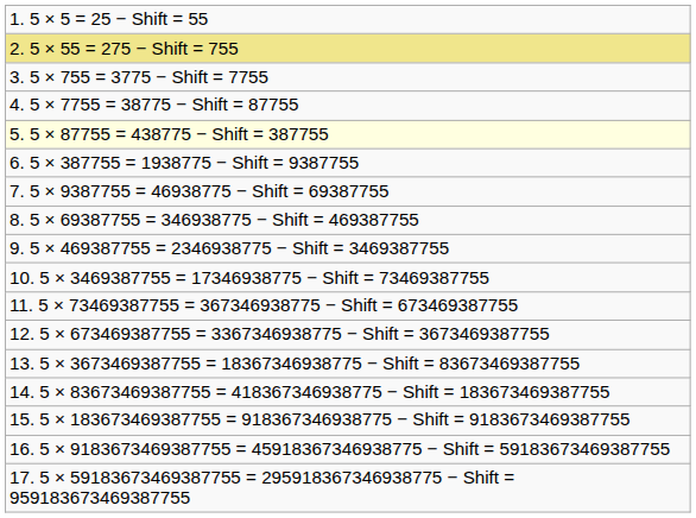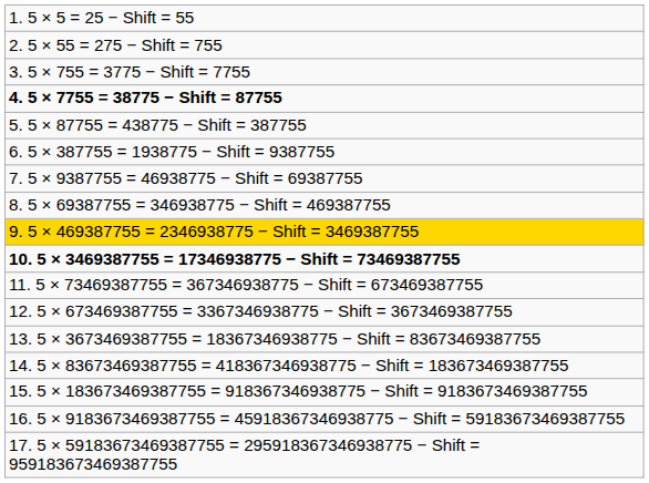 <table class="wikitable">
 <tr>
 <td>1. 5 × 5 = 25 − Shift = 55</td>
 </tr>
 <tr>
-<td style="background: khaki;">2. 5 × 55 = 275 − Shift = 755</td>
+<td>2. 5 × 55 = 275 − Shift = 755</td>
 </tr>
 <tr>
 <td>3. 5 × 755 = 3775 − Shift = 7755</td>
 </tr>
 <tr>
-<td>4. 5 × 7755 = 38775 − Shift = 87755</td>
+<td><strong>4. 5 × 7755 = 38775 − Shift = 87755</strong></td>
 </tr>
 <tr>
-<td style="background: lightyellow;">5. 5 × 87755 = 438775 − Shift = 387755</td>
+<td>5. 5 × 87755 = 438775 − Shift = 387755</td>
 </tr>
 <tr>
 <td>6. 5 × 387755 = 1938775 − Shift = 9387755</td>
 </tr>
 <tr>
 <td>7. 5 × 9387755 = 46938775 − Shift = 69387755</td>
 </tr>
 <tr>
 <td>8. 5 × 69387755 = 346938775 − Shift = 469387755</td>
 </tr>
 <tr>
-<td>9. 5 × 469387755 = 2346938775 − Shift = 3469387755</td>
+<td style="background: gold;">9. 5 × 469387755 = 2346938775 − Shift = 3469387755</td>
 </tr>
 <tr>
-<td>10. 5 × 3469387755 = 17346938775 − Shift = 73469387755</td>
+<td><strong>10. 5 × 3469387755 = 17346938775 − Shift = 73469387755</strong></td>
 </tr>
 <tr>
 <td>11. 5 × 73469387755 = 367346938775 − Shift = 673469387755</td>
 </tr>
 <tr>
 <td>12. 5 × 673469387755 = 3367346938775 − Shift = 3673469387755</td>
 </tr>
 <tr>
 <td>13. 5 × 3673469387755 = 18367346938775 − Shift = 83673469387755</td>
 </tr>
 <tr>
 <td>14. 5 × 83673469387755 = 418367346938775 − Shift = 183673469387755</td>
 </tr>
 <tr>
 <td>15. 5 × 183673469387755 = 918367346938775 − Shift = 9183673469387755</td>
 </tr>
 <tr>
 <td>16. 5 × 9183673469387755 = 45918367346938775 − Shift = 59183673469387755</td>
 </tr>
 <tr>
 <td>17. 5 × 59183673469387755 = 295918367346938775 − Shift = 959183673469387755</td>
 </tr>
 </table>
